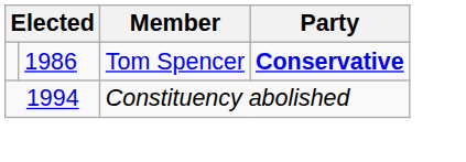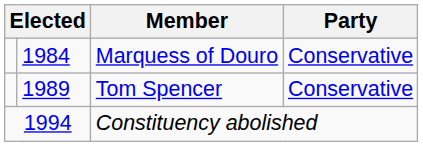 <table class="wikitable">
 <tr>
 <th colspan = "2">Elected</th>
 <th>Member</th>
 <th>Party</th>
 </tr>
 <tr>
 <td style="background-color: "></td>
-<td><a href='#'>1986</a></td>
+<td><a href='#'>1984</a></td>
+<td><a href='#'>Marquess of Douro</a></td>
+<td><a href='#'>Conservative</a></td>
+</tr>
+<tr>
+<td style="background-color: "></td>
+<td><a href='#'>1989</a></td>
 <td><a href='#'>Tom Spencer</a></td>
-<td><strong><a href='#'>Conservative</a></strong></td>
+<td><a href='#'>Conservative</a></td>
 </tr>
 <tr>
 <td colspan="2" align="center"><a href='#'>1994</a></td>
 <td colspan="2"><em>Constituency abolished</em></td>
 </tr>
 </table>
